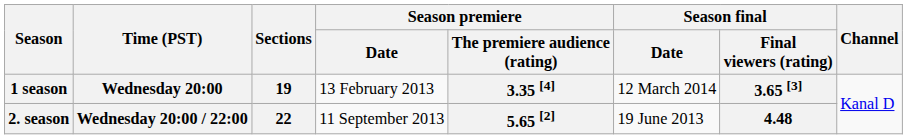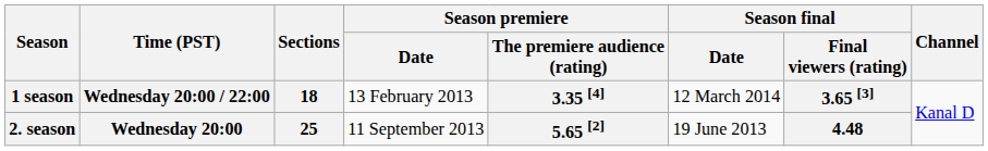 <table class="wikitable">
 <tr>
 <th rowspan="2">Season</th>
 <th rowspan="2">Time (PST)</th>
 <th rowspan="2">Sections</th>
 <th colspan="2">Season premiere</th>
 <th colspan="2">Season final</th>
 <th rowspan="2">Channel</th>
 </tr>
 <tr>
 <th>Date</th>
 <th>The premiere audience<br>(rating)</th>
 <th>Date</th>
 <th>Final<br>viewers  (rating)</th>
 </tr>
 <tr>
 <th><strong>1 season</strong></th>
-<th>Wednesday 20:00</th>
-<th>19</th>
+<th>Wednesday 20:00 / 22:00</th>
+<th>18</th>
 <td>13 February 2013</td>
 <th>3.35 <sup>[4]</sup></th>
 <td>12 March 2014</td>
 <th>3.65 <sup>[3]</sup></th>
 <td rowspan="2"><a href='#'>Kanal D</a></td>
 </tr>
 <tr>
 <th><strong>2. season</strong></th>
-<th>Wednesday 20:00 / 22:00</th>
-<th>22</th>
+<th>Wednesday 20:00</th>
+<th>25</th>
 <td>11 September 2013</td>
 <th>5.65 <sup>[2]</sup></th>
 <td>19 June 2013</td>
 <th>4.48</th>
 </tr>
 </table>
